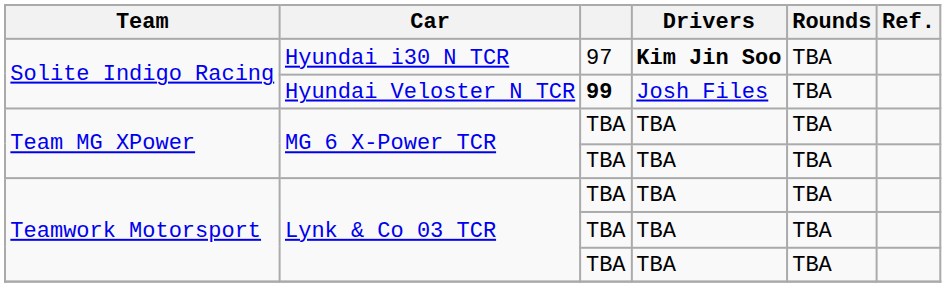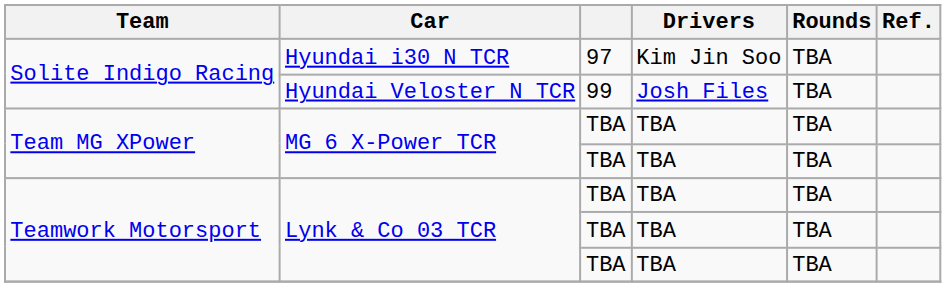 <table class="wikitable" style="font-size: 85%;">
 <tr>
 <th>Team</th>
 <th>Car</th>
 <th></th>
 <th>Drivers</th>
 <th>Rounds</th>
 <th>Ref.</th>
 </tr>
 <tr>
 <td rowspan="2"> <a href='#'>Solite Indigo Racing</a></td>
 <td><a href='#'>Hyundai i30 N TCR</a></td>
 <td>97</td>
-<td><strong> Kim Jin Soo</strong></td>
+<td> Kim Jin Soo</td>
 <td>TBA</td>
 <td></td>
 </tr>
 <tr>
 <td><a href='#'>Hyundai Veloster N TCR</a></td>
-<td><strong>99</strong></td>
+<td>99</td>
 <td> <a href='#'>Josh Files</a></td>
 <td>TBA</td>
 <td></td>
 </tr>
 <tr>
 <td rowspan="2"> <a href='#'>Team MG XPower</a></td>
 <td rowspan="2"><a href='#'>MG 6 X-Power TCR</a></td>
 <td>TBA</td>
 <td> TBA</td>
 <td>TBA</td>
 <td></td>
 </tr>
 <tr>
 <td>TBA</td>
 <td> TBA</td>
 <td>TBA</td>
 <td></td>
 </tr>
 <tr>
 <td rowspan="3"> <a href='#'>Teamwork Motorsport</a></td>
 <td rowspan="3"><a href='#'>Lynk & Co 03 TCR</a></td>
 <td>TBA</td>
 <td> TBA</td>
 <td>TBA</td>
 <td></td>
 </tr>
 <tr>
 <td>TBA</td>
 <td> TBA</td>
 <td>TBA</td>
 <td></td>
 </tr>
 <tr>
 <td>TBA</td>
 <td> TBA</td>
 <td>TBA</td>
 <td></td>
 </tr>
 <tr>
 </tr>
 </table>
